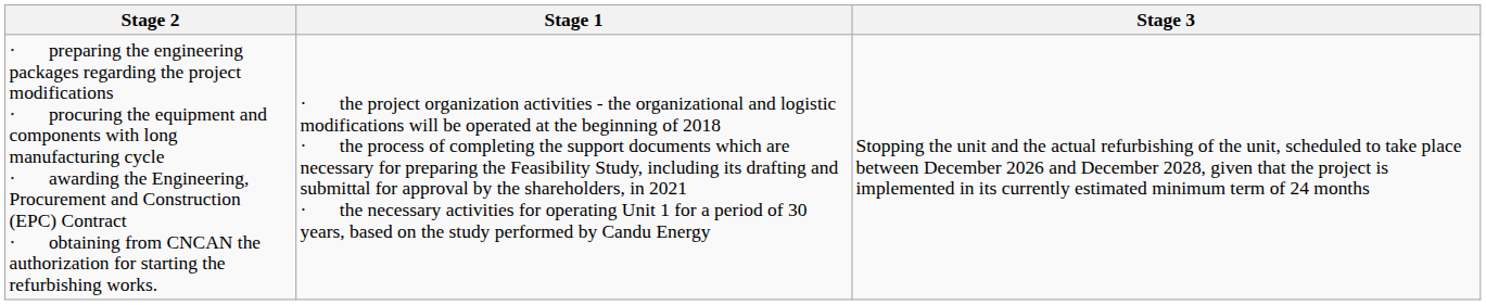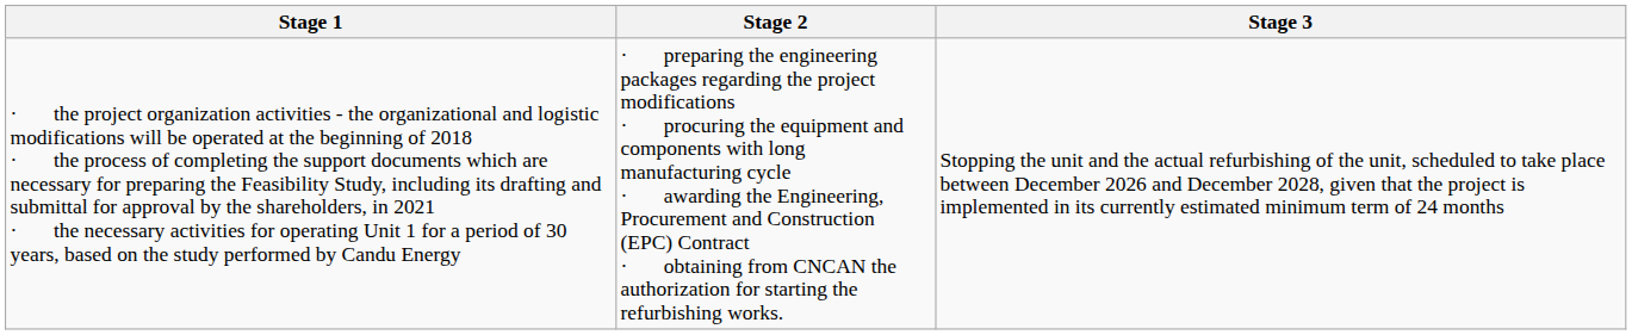 <table class="wikitable">
 <tr>
+<th>Stage 1</th>
 <th>Stage 2</th>
-<th>Stage 1</th>
 <th>Stage 3</th>
 </tr>
 <tr>
+<td>·         the project organization activities - the organizational and logistic modifications will be operated at the beginning of 2018<br>·         the process of completing the support documents which are necessary for preparing the Feasibility Study, including its drafting and submittal for approval by the shareholders, in 2021<br>·         the necessary activities for operating Unit 1 for a period of 30 years, based on the study performed by Candu Energy</td>
 <td>·         preparing the engineering packages regarding the project modifications<br>·         procuring the equipment and components with long manufacturing cycle<br>·         awarding the Engineering, Procurement and Construction (EPC) Contract<br>·         obtaining from CNCAN the authorization for starting the refurbishing works.</td>
-<td>·         the project organization activities - the organizational and logistic modifications will be operated at the beginning of 2018<br>·         the process of completing the support documents which are necessary for preparing the Feasibility Study, including its drafting and submittal for approval by the shareholders, in 2021<br>·         the necessary activities for operating Unit 1 for a period of 30 years, based on the study performed by Candu Energy</td>
 <td>Stopping the unit and the actual refurbishing of the unit, scheduled to take place between December 2026 and December 2028, given that the project is implemented in its currently estimated minimum term of 24 months</td>
 </tr>
 </table>
